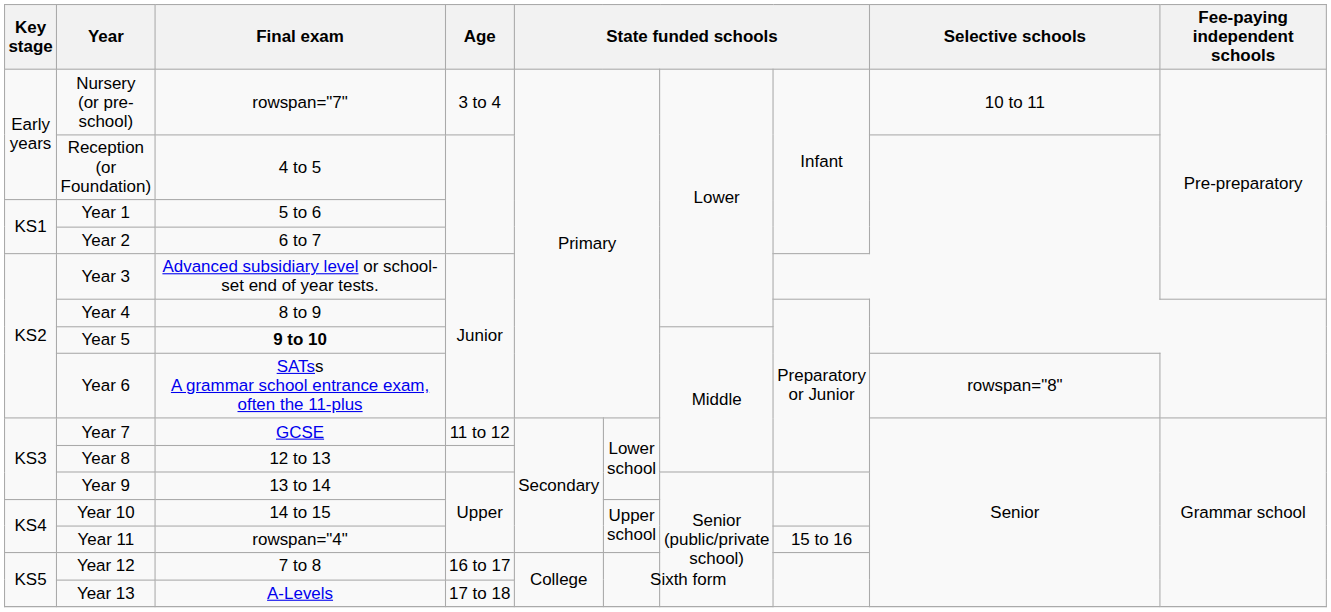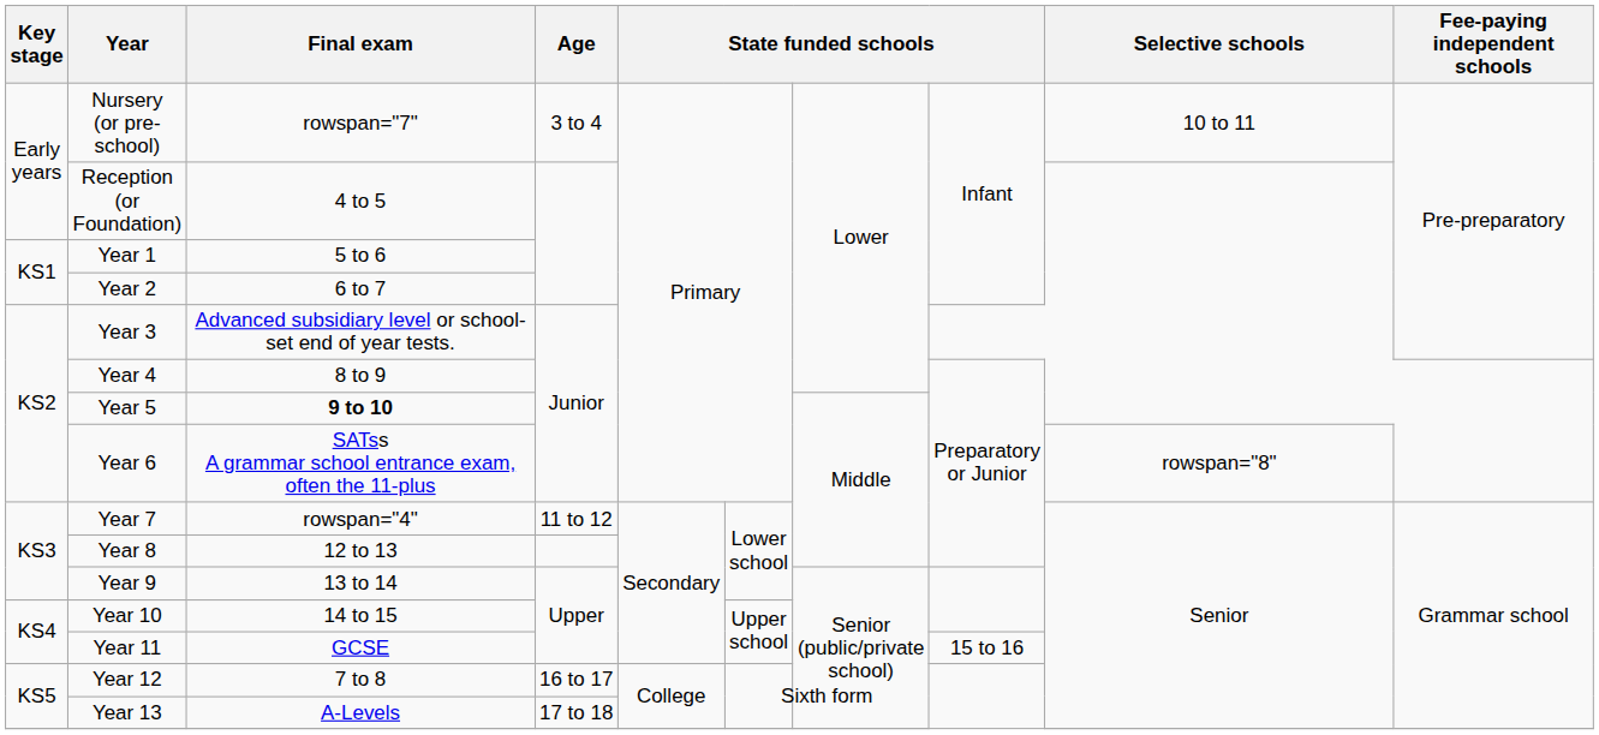 <table class="wikitable" style="text-align: center">
 <tr>
 <th>Key stage</th>
 <th>Year</th>
 <th width=300>Final exam</th>
 <th>Age</th>
 <th colspan="4">State funded schools</th>
 <th width=300>Selective schools</th>
 <th width=160>Fee-paying independent schools</th>
 </tr>
 <tr>
 <td rowspan="2">Early years</td>
 <td>Nursery<br>(or pre-school)</td>
 <td>rowspan="7" </td>
 <td>3 to 4</td>
 <td colspan="2" rowspan="8">Primary</td>
 <td rowspan="6">Lower</td>
 <td rowspan="4">Infant</td>
 <td>10 to 11</td>
 <td rowspan="5">Pre-preparatory</td>
 </tr>
 <tr>
 <td>Reception<br>(or Foundation)</td>
 <td>4 to 5</td>
 </tr>
 <tr>
 <td rowspan="2">KS1</td>
 <td>Year 1</td>
 <td>5 to 6</td>
 </tr>
 <tr>
 <td>Year 2</td>
 <td>6 to 7</td>
 </tr>
 <tr>
 <td rowspan="4">KS2</td>
 <td>Year 3</td>
 <td><a href='#'>Advanced subsidiary level</a> or school-set end of year tests.</td>
 <td rowspan="4">Junior</td>
 </tr>
 <tr>
 <td>Year 4</td>
 <td>8 to 9</td>
 <td rowspan="5">Preparatory or Junior</td>
 </tr>
 <tr>
 <td>Year 5</td>
 <td><strong>9 to 10</strong></td>
 <td rowspan="4">Middle</td>
 </tr>
 <tr>
 <td>Year 6</td>
 <td><a href='#'>SATs</a>s<br> <a href='#'>A grammar school entrance exam, often the 11-plus</a></td>
 <td>rowspan="8" </td>
 </tr>
 <tr>
 <td rowspan="3">KS3</td>
 <td>Year 7</td>
-<td><a href='#'>GCSE</a></td>
+<td>rowspan="4" </td>
 <td>11 to 12</td>
 <td rowspan="5">Secondary</td>
 <td rowspan="3">Lower school</td>
 <td rowspan="7">Senior</td>
 <td rowspan="7">Grammar school</td>
 </tr>
 <tr>
 <td>Year 8</td>
 <td>12 to 13</td>
 </tr>
 <tr>
 <td>Year 9</td>
 <td>13 to 14</td>
 <td rowspan="3">Upper</td>
 <td rowspan="5">Senior (public/private school)</td>
 </tr>
 <tr>
 <td rowspan="2">KS4</td>
 <td>Year 10</td>
 <td>14 to 15</td>
 <td rowspan="2">Upper school</td>
 </tr>
 <tr>
 <td>Year 11</td>
-<td>rowspan="4" </td>
+<td><a href='#'>GCSE</a></td>
 <td>15 to 16</td>
 </tr>
 <tr>
 <td rowspan="2">KS5</td>
 <td>Year 12</td>
 <td>7 to 8</td>
 <td>16 to 17</td>
 <td colspan="1" rowspan="2">College</td>
 <td colspan="2" rowspan="2">Sixth form</td>
 </tr>
 <tr>
 <td>Year 13</td>
 <td><a href='#'>A-Levels</a></td>
 <td>17 to 18</td>
 </tr>
 <tr>
 </tr>
 </table>
